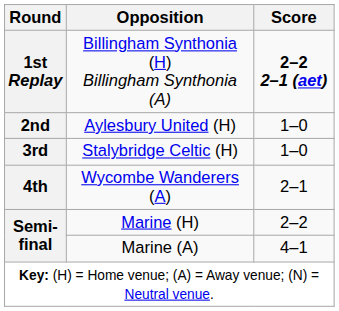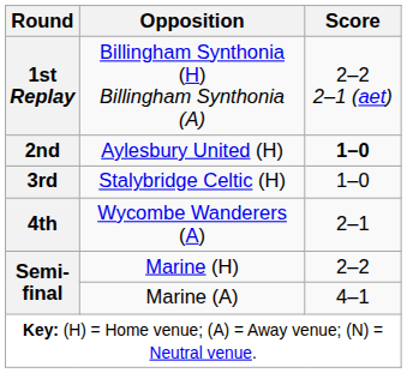 <table class="wikitable plainrowheaders" style="text-align:center;margin:0">
 <tr>
 <th scope="col" style="width:25px">Round</th>
 <th scope="col" style="width:175px">Opposition</th>
 <th scope="col" style="width:70px">Score</th>
 </tr>
 <tr>
 <th scope=row style="text-align:center">1st<br><em>Replay</em></th>
 <td><a href='#'>Billingham Synthonia</a> (<a href='#'>H</a>)<br><em>Billingham Synthonia (A)</em></td>
-<td><strong>2–2<br><em>2–1 (<a href='#'>aet</a>)</em></strong></td>
+<td>2–2<br><em>2–1 (<a href='#'>aet</a>)</em></td>
 </tr>
 <tr>
 <th scope=row style="text-align:center">2nd</th>
 <td><a href='#'>Aylesbury United</a> (H)</td>
-<td>1–0</td>
+<td><strong>1–0</strong></td>
 </tr>
 <tr>
 <th scope=row style="text-align:center">3rd</th>
 <td><a href='#'>Stalybridge Celtic</a> (H)</td>
 <td>1–0</td>
 </tr>
 <tr>
 <th scope=row style="text-align:center">4th</th>
 <td><a href='#'>Wycombe Wanderers</a> (<a href='#'>A</a>)</td>
 <td>2–1</td>
 </tr>
 <tr>
 <th scope=row style="text-align:center" rowspan="2">Semi-final</th>
 <td><a href='#'>Marine</a> (H)</td>
 <td>2–2</td>
 </tr>
 <tr>
 <td>Marine (A)</td>
 <td>4–1</td>
 </tr>
 <tr>
 <td colspan="3" style="background:white;"><small><strong>Key:</strong> (H) = Home venue; (A) = Away venue; (N) = <a href='#'>Neutral venue</a>.</small></td>
 </tr>
 </table>
